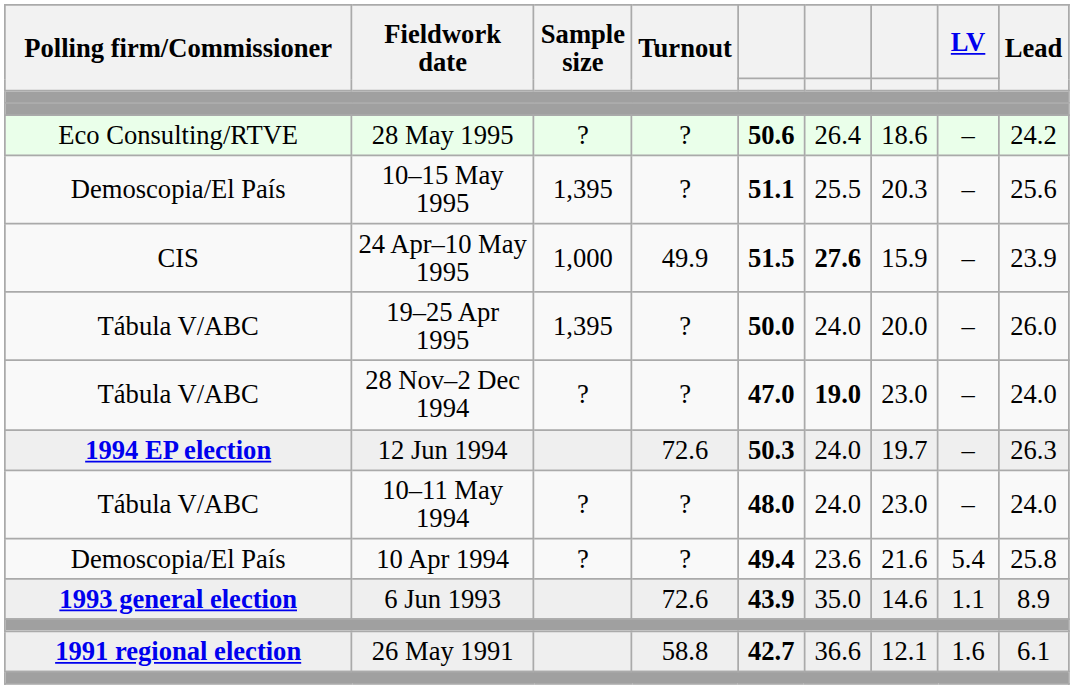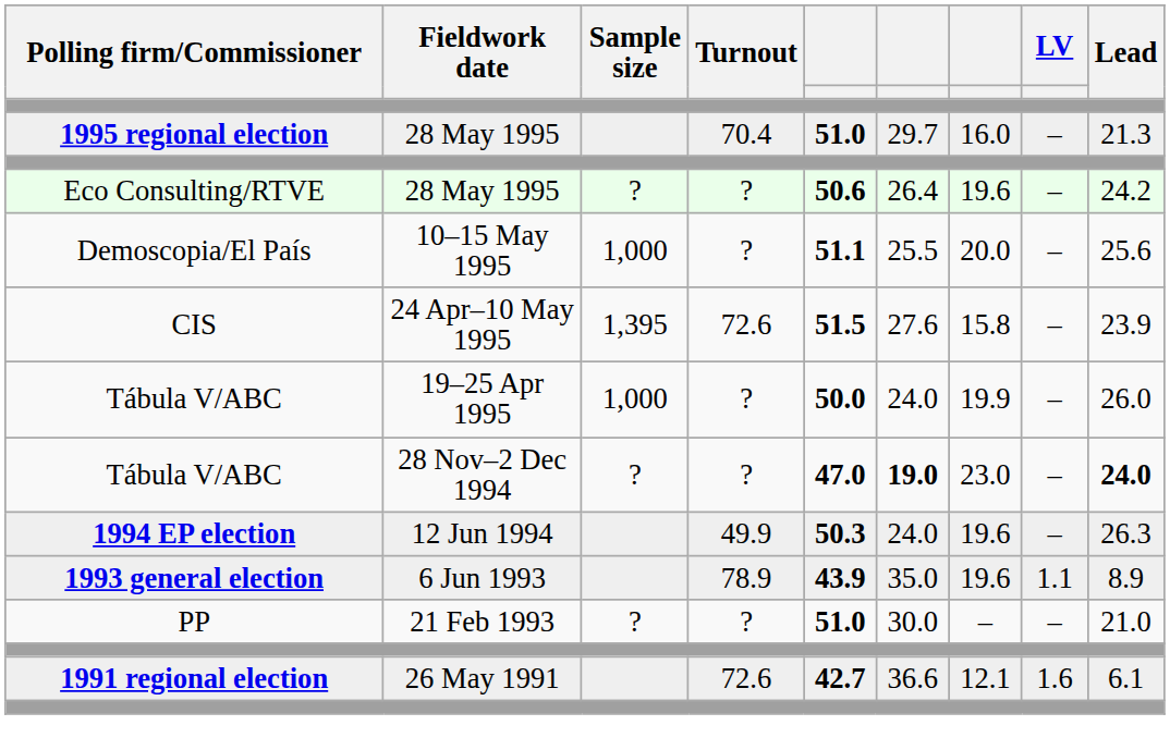 <table class="wikitable collapsible collapsed" style="text-align:center; font-size:95%; line-height:16px;">
 <tr style="height:42px;">
 <th style="width:250px;" rowspan="2">Polling firm/Commissioner</th>
 <th style="width:125px;" rowspan="2">Fieldwork date</th>
 <th style="width:50px;" rowspan="2">Sample size</th>
 <th style="width:45px;" rowspan="2">Turnout</th>
 <th style="width:35px;"></th>
 <th style="width:35px;"></th>
 <th style="width:35px;"></th>
 <th style="width:35px;"><a href='#'>LV</a></th>
 <th style="width:20px;" rowspan="2">Lead</th>
 </tr>
 <tr>
 <th style="color:inherit;background:"></th>
 <th style="color:inherit;background:"></th>
 <th style="color:inherit;background:"></th>
 <th style="color:inherit;background:"></th>
 </tr>
 <tr>
 <td colspan="9" style="background:#A0A0A0"></td>
 </tr>
+<tr style="background:#EFEFEF;">
+<td><strong><a href='#'>1995 regional election</a></strong></td>
+<td>28 May 1995</td>
+<td></td>
+<td>70.4</td>
+<td><strong>51.0</strong><br></td>
+<td>29.7<br></td>
+<td>16.0<br></td>
+<td>–</td>
+<td style="background:">21.3</td>
+</tr>
 <tr>
 <td colspan="9" style="background:#A0A0A0"></td>
 </tr>
 <tr style="background:#EAFFEA;">
 <td>Eco Consulting/RTVE</td>
 <td>28 May 1995</td>
 <td>?</td>
 <td>?</td>
 <td><strong>50.6</strong><br></td>
 <td>26.4<br></td>
-<td>18.6<br></td>
+<td>19.6<br></td>
 <td>–</td>
 <td style="background:">24.2</td>
 </tr>
 <tr>
 <td>Demoscopia/El País</td>
 <td>10–15 May 1995</td>
-<td>1,395</td>
+<td>1,000</td>
 <td>?</td>
 <td><strong>51.1</strong><br></td>
 <td>25.5<br></td>
-<td>20.3<br></td>
+<td>20.0<br></td>
 <td>–</td>
 <td style="background:">25.6</td>
 </tr>
 <tr>
 <td>CIS</td>
 <td>24 Apr–10 May 1995</td>
-<td>1,000</td>
-<td>49.9</td>
+<td>1,395</td>
+<td>72.6</td>
 <td><strong>51.5</strong></td>
-<td><strong>27.6</strong></td>
-<td>15.9</td>
+<td>27.6</td>
+<td>15.8</td>
 <td>–</td>
 <td style="background:">23.9</td>
 </tr>
 <tr>
 <td>Tábula V/ABC</td>
 <td>19–25 Apr 1995</td>
-<td>1,395</td>
+<td>1,000</td>
 <td>?</td>
 <td><strong>50.0</strong><br></td>
 <td>24.0<br></td>
-<td>20.0<br></td>
+<td>19.9<br></td>
 <td>–</td>
 <td style="background:">26.0</td>
 </tr>
 <tr>
 <td>Tábula V/ABC</td>
 <td>28 Nov–2 Dec 1994</td>
 <td>?</td>
 <td>?</td>
 <td><strong>47.0</strong></td>
 <td><strong>19.0</strong></td>
 <td>23.0</td>
 <td>–</td>
-<td style="background:">24.0</td>
+<td style="background:"><strong>24.0</strong></td>
 </tr>
 <tr style="background:#EFEFEF;">
 <td><strong><a href='#'>1994 EP election</a></strong></td>
 <td>12 Jun 1994</td>
 <td></td>
-<td>72.6</td>
+<td>49.9</td>
 <td><strong>50.3</strong><br></td>
 <td>24.0<br></td>
-<td>19.7<br></td>
+<td>19.6<br></td>
 <td>–</td>
 <td style="background:">26.3</td>
-</tr>
-<tr>
-<td>Tábula V/ABC</td>
-<td>10–11 May 1994</td>
-<td>?</td>
-<td>?</td>
-<td><strong>48.0</strong></td>
-<td>24.0</td>
-<td>23.0</td>
-<td>–</td>
-<td style="background:">24.0</td>
-</tr>
-<tr>
-<td>Demoscopia/El País</td>
-<td>10 Apr 1994</td>
-<td>?</td>
-<td>?</td>
-<td><strong>49.4</strong><br></td>
-<td>23.6<br></td>
-<td>21.6<br></td>
-<td>5.4<br></td>
-<td style="background:">25.8</td>
 </tr>
 <tr style="background:#EFEFEF;">
 <td><strong><a href='#'>1993 general election</a></strong></td>
 <td>6 Jun 1993</td>
 <td></td>
-<td>72.6</td>
+<td>78.9</td>
 <td><strong>43.9</strong><br></td>
 <td>35.0<br></td>
-<td>14.6<br></td>
+<td>19.6<br></td>
 <td>1.1<br></td>
 <td style="background:">8.9</td>
+</tr>
+<tr>
+<td>PP</td>
+<td>21 Feb 1993</td>
+<td>?</td>
+<td>?</td>
+<td><strong>51.0</strong></td>
+<td>30.0</td>
+<td>–</td>
+<td>–</td>
+<td style="background:">21.0</td>
 </tr>
 <tr>
 <td colspan="9" style="background:#A0A0A0"></td>
 </tr>
 <tr style="background:#EFEFEF;">
 <td><strong><a href='#'>1991 regional election</a></strong></td>
 <td>26 May 1991</td>
 <td></td>
-<td>58.8</td>
+<td>72.6</td>
 <td><strong>42.7</strong><br></td>
 <td>36.6<br></td>
 <td>12.1<br></td>
 <td>1.6<br></td>
 <td style="background:">6.1</td>
 </tr>
 <tr>
 <td colspan="9" style="background:#A0A0A0"></td>
 </tr>
 </table>
